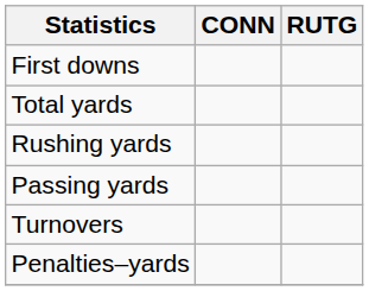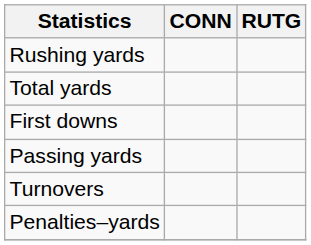 <table class="wikitable" style="float: left;">
 <tr>
 <th>Statistics</th>
 <th>CONN</th>
 <th>RUTG</th>
 </tr>
 <tr>
-<td>First downs</td>
+<td>Rushing yards</td>
 <td></td>
 <td></td>
 </tr>
 <tr>
 <td>Total yards</td>
 <td></td>
 <td></td>
 </tr>
 <tr>
-<td>Rushing yards</td>
+<td>First downs</td>
 <td></td>
 <td></td>
 </tr>
 <tr>
 <td>Passing yards</td>
 <td></td>
 <td></td>
 </tr>
 <tr>
 <td>Turnovers</td>
 <td></td>
 <td></td>
 </tr>
 <tr>
 <td>Penalties–yards</td>
 <td></td>
 <td></td>
 </tr>
 <tr>
 </tr>
 </table>
